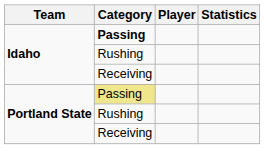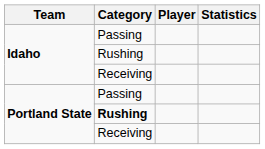 <table class="wikitable" style="float: right;">
 <tr>
 <th>Team</th>
 <th>Category</th>
 <th>Player</th>
 <th>Statistics</th>
 </tr>
 <tr>
 <td rowspan=3><strong>Idaho</strong></td>
-<td><strong>Passing</strong></td>
+<td>Passing</td>
 <td></td>
 <td></td>
 </tr>
 <tr>
 <td>Rushing</td>
 <td></td>
 <td></td>
 </tr>
 <tr>
 <td>Receiving</td>
 <td></td>
 <td></td>
 </tr>
 <tr>
 <td rowspan=3><strong>Portland State</strong></td>
-<td style="background: khaki;">Passing</td>
+<td>Passing</td>
 <td></td>
 <td></td>
 </tr>
 <tr>
-<td>Rushing</td>
+<td><strong>Rushing</strong></td>
 <td></td>
 <td></td>
 </tr>
 <tr>
 <td>Receiving</td>
 <td></td>
 <td></td>
 </tr>
 </table>
